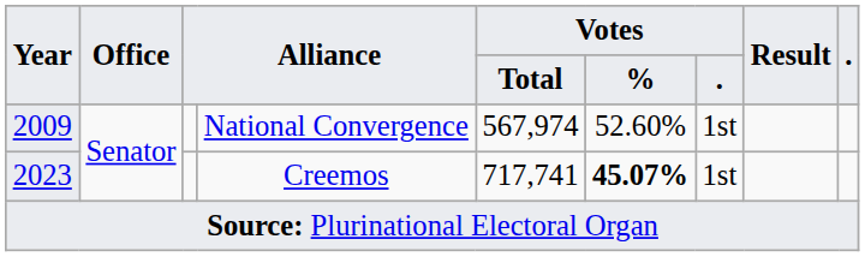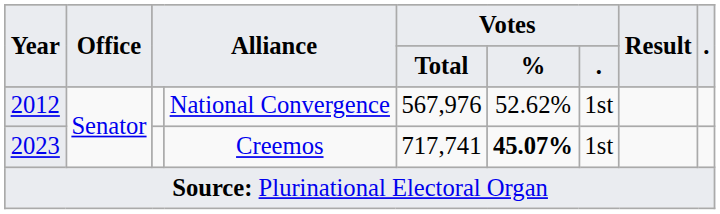 <table class="wikitable" style="font-size:90%; text-align:center;">
 <tr>
 <th style="background-color:#EAECF0;" rowspan=2>Year</th>
 <th style="background-color:#EAECF0;" rowspan=2>Office</th>
 <th style="background-color:#EAECF0;" colspan=2 rowspan=2>Alliance</th>
 <th style="background-color:#EAECF0;" colspan=3>Votes</th>
 <th style="background-color:#EAECF0;" rowspan=2>Result</th>
 <th style="background-color:#EAECF0;" rowspan=2>.</th>
 </tr>
 <tr>
 <th style="background-color:#EAECF0;">Total</th>
 <th style="background-color:#EAECF0;">%</th>
 <th style="background-color:#EAECF0;">.</th>
 </tr>
 <tr>
-<td style="background-color:#EAECF0;"><a href='#'>2009</a></td>
+<td style="background-color:#EAECF0;"><a href='#'>2012</a></td>
 <td rowspan=2><a href='#'>Senator</a></td>
 <td style="background-color:"></td>
 <td><a href='#'>National Convergence</a></td>
-<td>567,974</td>
-<td>52.60%</td>
+<td>567,976</td>
+<td>52.62%</td>
 <td>1st</td>
 <td></td>
 <td></td>
 </tr>
 <tr>
 <td style="background-color:#EAECF0;"><a href='#'>2023</a></td>
 <td style="background-color:"></td>
 <td><a href='#'>Creemos</a></td>
 <td>717,741</td>
 <td><strong>45.07%</strong></td>
 <td>1st</td>
 <td></td>
 <td></td>
 </tr>
 <tr>
 <td style="background-color:#EAECF0;" colspan=9><strong>Source:</strong> <a href='#'>Plurinational Electoral Organ</a>  </td>
 </tr>
 </table>
